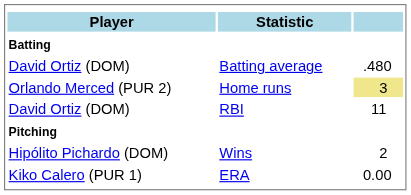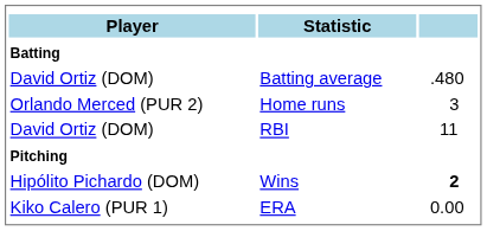 <table cellpadding="1" width="350px" style="font-size: 80%; border: 1px solid gray;">
 <tr align="center" style="font-size: larger;">
 <td colspan=6></td>
 </tr>
 <tr>
 <th style="background:lightblue;">Player</th>
 <th style="background:lightblue;">Statistic</th>
 <th style="background:lightblue;"></th>
 </tr>
 <tr>
 <td><small><strong>Batting</strong></small></td>
 </tr>
 <tr>
 <td><a href='#'>David Ortiz</a> (DOM)</td>
 <td><a href='#'>Batting average</a></td>
 <td>  .480</td>
 </tr>
 <tr>
 <td><a href='#'>Orlando Merced</a> (PUR 2)</td>
 <td><a href='#'>Home runs</a></td>
-<td style="background: khaki;">      3</td>
+<td>      3</td>
 </tr>
 <tr>
 <td><a href='#'>David Ortiz</a> (DOM)</td>
 <td><a href='#'>RBI</a></td>
 <td>    11</td>
 </tr>
 <tr>
 <td><small><strong>Pitching</strong></small></td>
 </tr>
 <tr>
 <td><a href='#'>Hipólito Pichardo</a> (DOM)</td>
 <td><a href='#'>Wins</a></td>
-<td>      2</td>
+<td><strong>      2</strong></td>
 </tr>
 <tr>
 <td><a href='#'>Kiko Calero</a> (PUR 1)</td>
 <td><a href='#'>ERA</a></td>
 <td>  0.00</td>
 </tr>
 <tr>
 </tr>
 </table>
